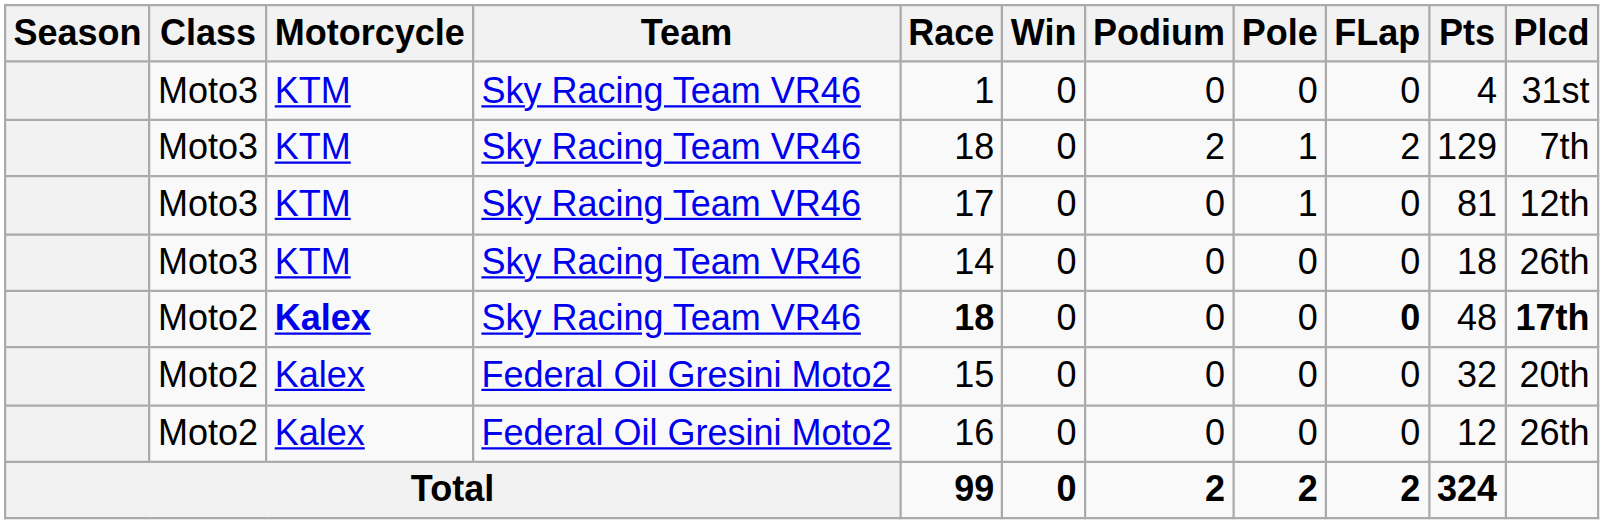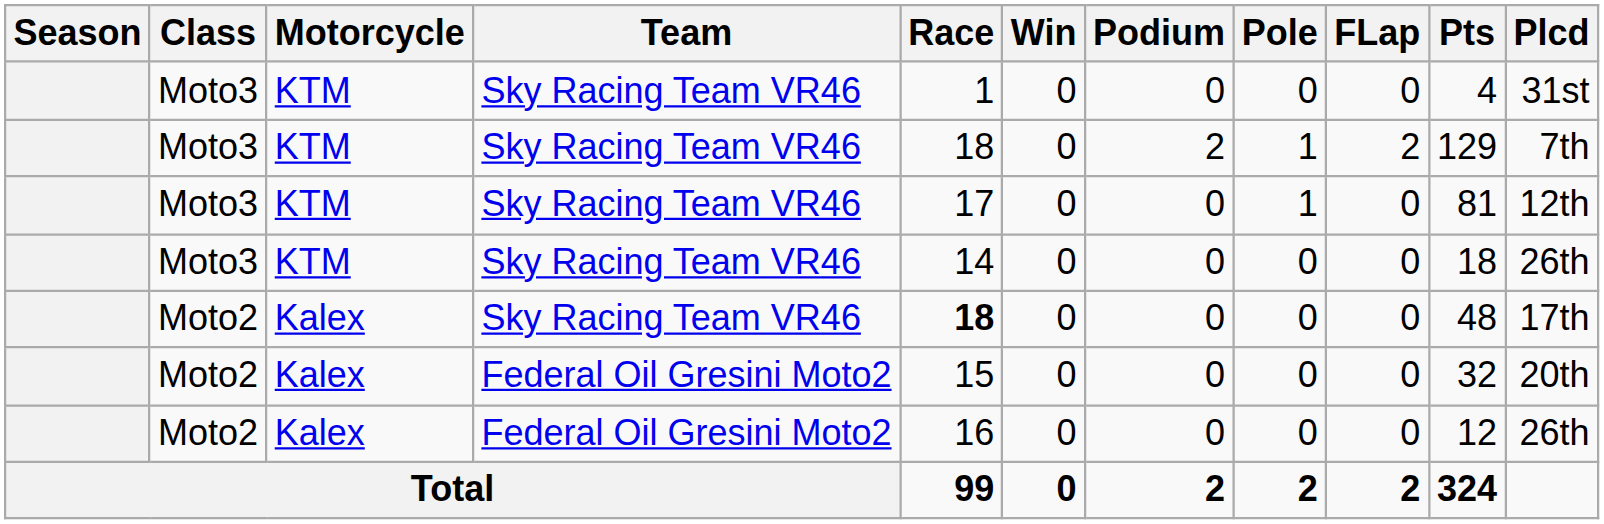 <table class="wikitable" style=text-align:right;">
 <tr>
 <th>Season</th>
 <th>Class</th>
 <th>Motorcycle</th>
 <th>Team</th>
 <th>Race</th>
 <th>Win</th>
 <th>Podium</th>
 <th>Pole</th>
 <th>FLap</th>
 <th>Pts</th>
 <th>Plcd</th>
 </tr>
 <tr>
 <th></th>
 <td>Moto3</td>
 <td style="text-align:left;"><a href='#'>KTM</a></td>
 <td style="text-align:left;"><a href='#'>Sky Racing Team VR46</a></td>
 <td>1</td>
 <td>0</td>
 <td>0</td>
 <td>0</td>
 <td>0</td>
 <td>4</td>
 <td>31st</td>
 </tr>
 <tr>
 <th></th>
 <td>Moto3</td>
 <td style="text-align:left;"><a href='#'>KTM</a></td>
 <td style="text-align:left;"><a href='#'>Sky Racing Team VR46</a></td>
 <td>18</td>
 <td>0</td>
 <td>2</td>
 <td>1</td>
 <td>2</td>
 <td>129</td>
 <td>7th</td>
 </tr>
 <tr>
 <th></th>
 <td>Moto3</td>
 <td style="text-align:left;"><a href='#'>KTM</a></td>
 <td style="text-align:left;"><a href='#'>Sky Racing Team VR46</a></td>
 <td>17</td>
 <td>0</td>
 <td>0</td>
 <td>1</td>
 <td>0</td>
 <td>81</td>
 <td>12th</td>
 </tr>
 <tr>
 <th></th>
 <td>Moto3</td>
 <td style="text-align:left;"><a href='#'>KTM</a></td>
 <td style="text-align:left;"><a href='#'>Sky Racing Team VR46</a></td>
 <td>14</td>
 <td>0</td>
 <td>0</td>
 <td>0</td>
 <td>0</td>
 <td>18</td>
 <td>26th</td>
 </tr>
 <tr>
 <th></th>
 <td>Moto2</td>
-<td style="text-align:left;"><strong><a href='#'>Kalex</a></strong></td>
+<td style="text-align:left;"><a href='#'>Kalex</a></td>
 <td style="text-align:left;"><a href='#'>Sky Racing Team VR46</a></td>
 <td><strong>18</strong></td>
 <td>0</td>
 <td>0</td>
 <td>0</td>
-<td><strong>0</strong></td>
+<td>0</td>
 <td>48</td>
-<td><strong>17th</strong></td>
+<td>17th</td>
 </tr>
 <tr>
 <th></th>
 <td>Moto2</td>
 <td style="text-align:left;"><a href='#'>Kalex</a></td>
 <td style="text-align:left;"><a href='#'>Federal Oil Gresini Moto2</a></td>
 <td>15</td>
 <td>0</td>
 <td>0</td>
 <td>0</td>
 <td>0</td>
 <td>32</td>
 <td>20th</td>
 </tr>
 <tr>
 <th></th>
 <td>Moto2</td>
 <td style="text-align:left;"><a href='#'>Kalex</a></td>
 <td style="text-align:left;"><a href='#'>Federal Oil Gresini Moto2</a></td>
 <td>16</td>
 <td>0</td>
 <td>0</td>
 <td>0</td>
 <td>0</td>
 <td>12</td>
 <td>26th</td>
 </tr>
 <tr>
 <th colspan="4">Total</th>
 <td><strong>99</strong></td>
 <td><strong>0</strong></td>
 <td><strong>2</strong></td>
 <td><strong>2</strong></td>
 <td><strong>2</strong></td>
 <td><strong>324</strong></td>
 <td></td>
 </tr>
 </table>
